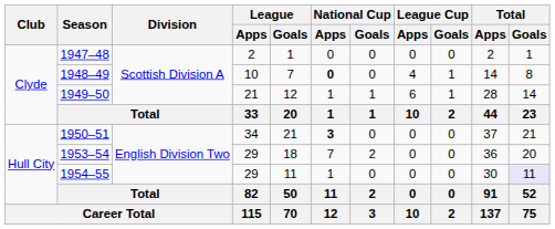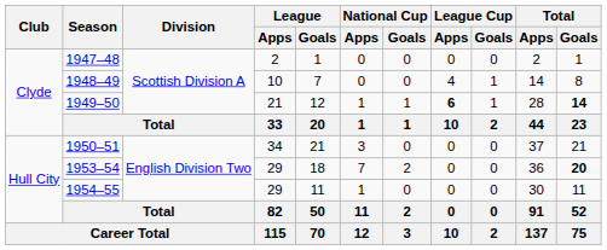 <table class="wikitable" style="text-align: center;">
 <tr>
 <th rowspan="2">Club</th>
 <th rowspan="2">Season</th>
 <th rowspan="2">Division</th>
 <th colspan="2">League</th>
 <th colspan="2">National Cup</th>
 <th colspan="2">League Cup</th>
 <th colspan="2">Total</th>
 </tr>
 <tr>
 <th>Apps</th>
 <th>Goals</th>
 <th>Apps</th>
 <th>Goals</th>
 <th>Apps</th>
 <th>Goals</th>
 <th>Apps</th>
 <th>Goals</th>
 </tr>
 <tr>
 <td rowspan="4"><a href='#'>Clyde</a></td>
 <td><a href='#'>1947–48</a></td>
 <td rowspan = "3"><a href='#'>Scottish Division A</a></td>
 <td>2</td>
 <td>1</td>
 <td>0</td>
 <td>0</td>
 <td>0</td>
 <td>0</td>
 <td>2</td>
 <td>1</td>
 </tr>
 <tr>
 <td><a href='#'>1948–49</a></td>
 <td>10</td>
 <td>7</td>
-<td><strong>0</strong></td>
+<td>0</td>
 <td>0</td>
 <td>4</td>
 <td>1</td>
 <td>14</td>
 <td>8</td>
 </tr>
 <tr>
 <td><a href='#'>1949–50</a></td>
 <td>21</td>
 <td>12</td>
 <td>1</td>
 <td>1</td>
-<td>6</td>
+<td><strong>6</strong></td>
 <td>1</td>
 <td>28</td>
-<td>14</td>
+<td><strong>14</strong></td>
 </tr>
 <tr>
 <th colspan="2">Total</th>
 <th>33</th>
 <th>20</th>
 <th>1</th>
 <th>1</th>
 <th>10</th>
 <th>2</th>
 <th>44</th>
 <th>23</th>
 </tr>
 <tr>
 <td rowspan="4"><a href='#'>Hull City</a></td>
 <td><a href='#'>1950–51</a></td>
 <td rowspan = "3"><a href='#'>English Division Two</a></td>
 <td>34</td>
 <td>21</td>
-<td><strong>3</strong></td>
+<td>3</td>
 <td>0</td>
 <td>0</td>
 <td>0</td>
 <td>37</td>
 <td>21</td>
 </tr>
 <tr>
 <td><a href='#'>1953–54</a></td>
 <td>29</td>
 <td>18</td>
 <td>7</td>
 <td>2</td>
 <td>0</td>
 <td>0</td>
 <td>36</td>
-<td>20</td>
+<td><strong>20</strong></td>
 </tr>
 <tr>
 <td><a href='#'>1954–55</a></td>
 <td>29</td>
 <td>11</td>
 <td>1</td>
 <td>0</td>
 <td>0</td>
 <td>0</td>
 <td>30</td>
-<td style="background: lavender;">11</td>
+<td>11</td>
 </tr>
 <tr>
 <th colspan="2">Total</th>
 <th>82</th>
 <th>50</th>
 <th>11</th>
 <th>2</th>
 <th>0</th>
 <th>0</th>
 <th>91</th>
 <th>52</th>
 </tr>
 <tr>
 <th colspan="3">Career Total</th>
 <th>115</th>
 <th>70</th>
 <th>12</th>
 <th>3</th>
 <th>10</th>
 <th>2</th>
 <th>137</th>
 <th>75</th>
 </tr>
 </table>
